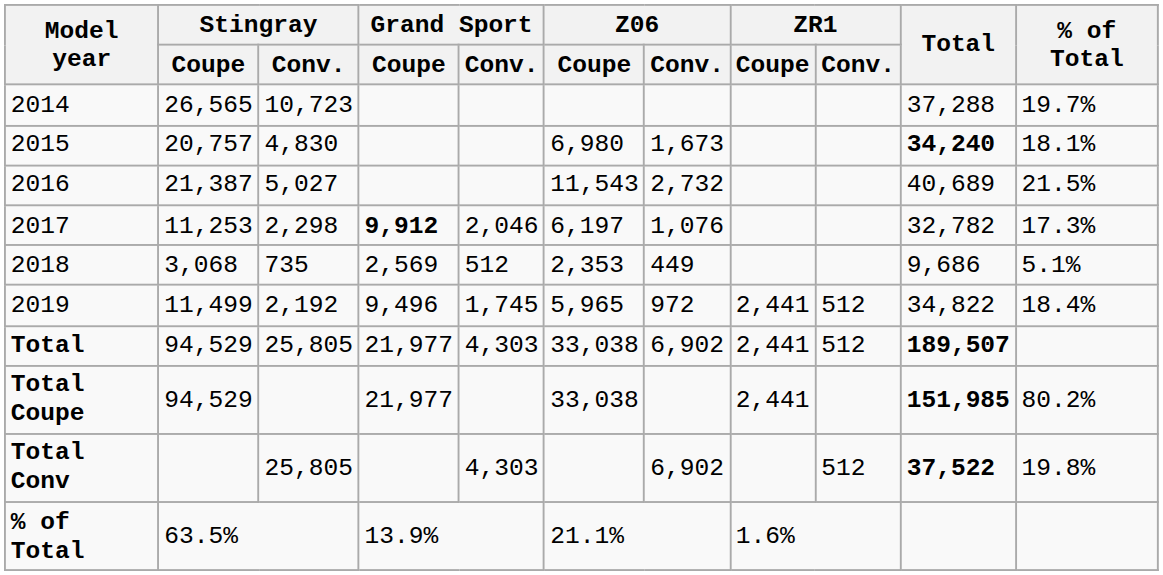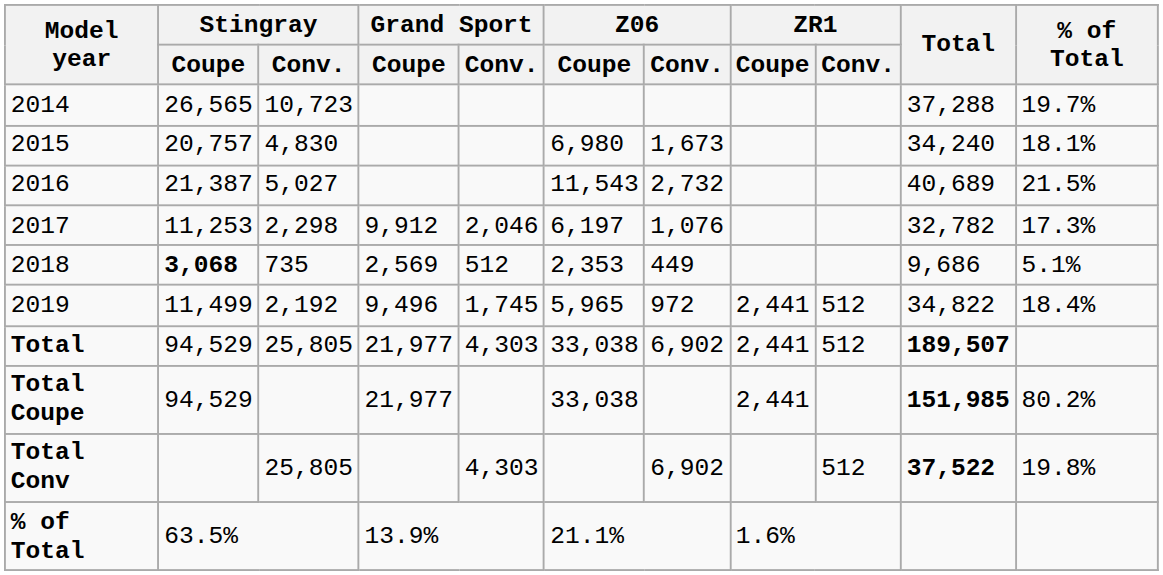 <table class="wikitable defaultcenter">
 <tr>
 <th rowspan=2>Model year</th>
 <th colspan=2>Stingray</th>
 <th colspan=2>Grand Sport</th>
 <th colspan=2>Z06</th>
 <th colspan=2>ZR1</th>
 <th rowspan=2>Total</th>
 <th rowspan="2">% of Total</th>
 </tr>
 <tr>
 <th>Coupe</th>
 <th>Conv.</th>
 <th>Coupe</th>
 <th>Conv.</th>
 <th>Coupe</th>
 <th>Conv.</th>
 <th>Coupe</th>
 <th>Conv.</th>
 </tr>
 <tr>
 <td>2014</td>
 <td>26,565</td>
 <td>10,723</td>
 <td></td>
 <td></td>
 <td></td>
 <td></td>
 <td></td>
 <td></td>
 <td>37,288</td>
 <td>19.7%</td>
 </tr>
 <tr>
 <td>2015</td>
 <td>20,757</td>
 <td>4,830</td>
 <td></td>
 <td></td>
 <td>6,980</td>
 <td>1,673</td>
 <td></td>
 <td></td>
-<td><strong>34,240</strong></td>
+<td>34,240</td>
 <td>18.1%</td>
 </tr>
 <tr>
 <td>2016</td>
 <td>21,387</td>
 <td>5,027</td>
 <td></td>
 <td></td>
 <td>11,543</td>
 <td>2,732</td>
 <td></td>
 <td></td>
 <td>40,689</td>
 <td>21.5%</td>
 </tr>
 <tr>
 <td>2017</td>
 <td>11,253</td>
 <td>2,298</td>
-<td><strong>9,912</strong></td>
+<td>9,912</td>
 <td>2,046</td>
 <td>6,197</td>
 <td>1,076</td>
 <td></td>
 <td></td>
 <td>32,782</td>
 <td>17.3%</td>
 </tr>
 <tr>
 <td>2018</td>
-<td>3,068</td>
+<td><strong>3,068</strong></td>
 <td>735</td>
 <td>2,569</td>
 <td>512</td>
 <td>2,353</td>
 <td>449</td>
 <td></td>
 <td></td>
 <td>9,686</td>
 <td>5.1%</td>
 </tr>
 <tr>
 <td>2019</td>
 <td>11,499</td>
 <td>2,192</td>
 <td>9,496</td>
 <td>1,745</td>
 <td>5,965</td>
 <td>972</td>
 <td>2,441</td>
 <td>512</td>
 <td>34,822</td>
 <td>18.4%</td>
 </tr>
 <tr>
 <td><strong>Total</strong></td>
 <td>94,529</td>
 <td>25,805</td>
 <td>21,977</td>
 <td>4,303</td>
 <td>33,038</td>
 <td>6,902</td>
 <td>2,441</td>
 <td>512</td>
 <td><strong>189,507</strong></td>
 <td></td>
 </tr>
 <tr>
 <td><strong>Total Coupe</strong></td>
 <td>94,529</td>
 <td></td>
 <td>21,977</td>
 <td></td>
 <td>33,038</td>
 <td></td>
 <td>2,441</td>
 <td></td>
 <td><strong>151,985</strong></td>
 <td>80.2%</td>
 </tr>
 <tr>
 <td><strong>Total Conv</strong></td>
 <td></td>
 <td>25,805</td>
 <td></td>
 <td>4,303</td>
 <td></td>
 <td>6,902</td>
 <td></td>
 <td>512</td>
 <td><strong>37,522</strong></td>
 <td>19.8%</td>
 </tr>
 <tr>
 <td><strong>% of Total</strong></td>
 <td colspan="2">63.5%</td>
 <td colspan="2">13.9%</td>
 <td colspan="2">21.1%</td>
 <td colspan="2">1.6%</td>
 <td></td>
 <td></td>
 </tr>
 </table>
